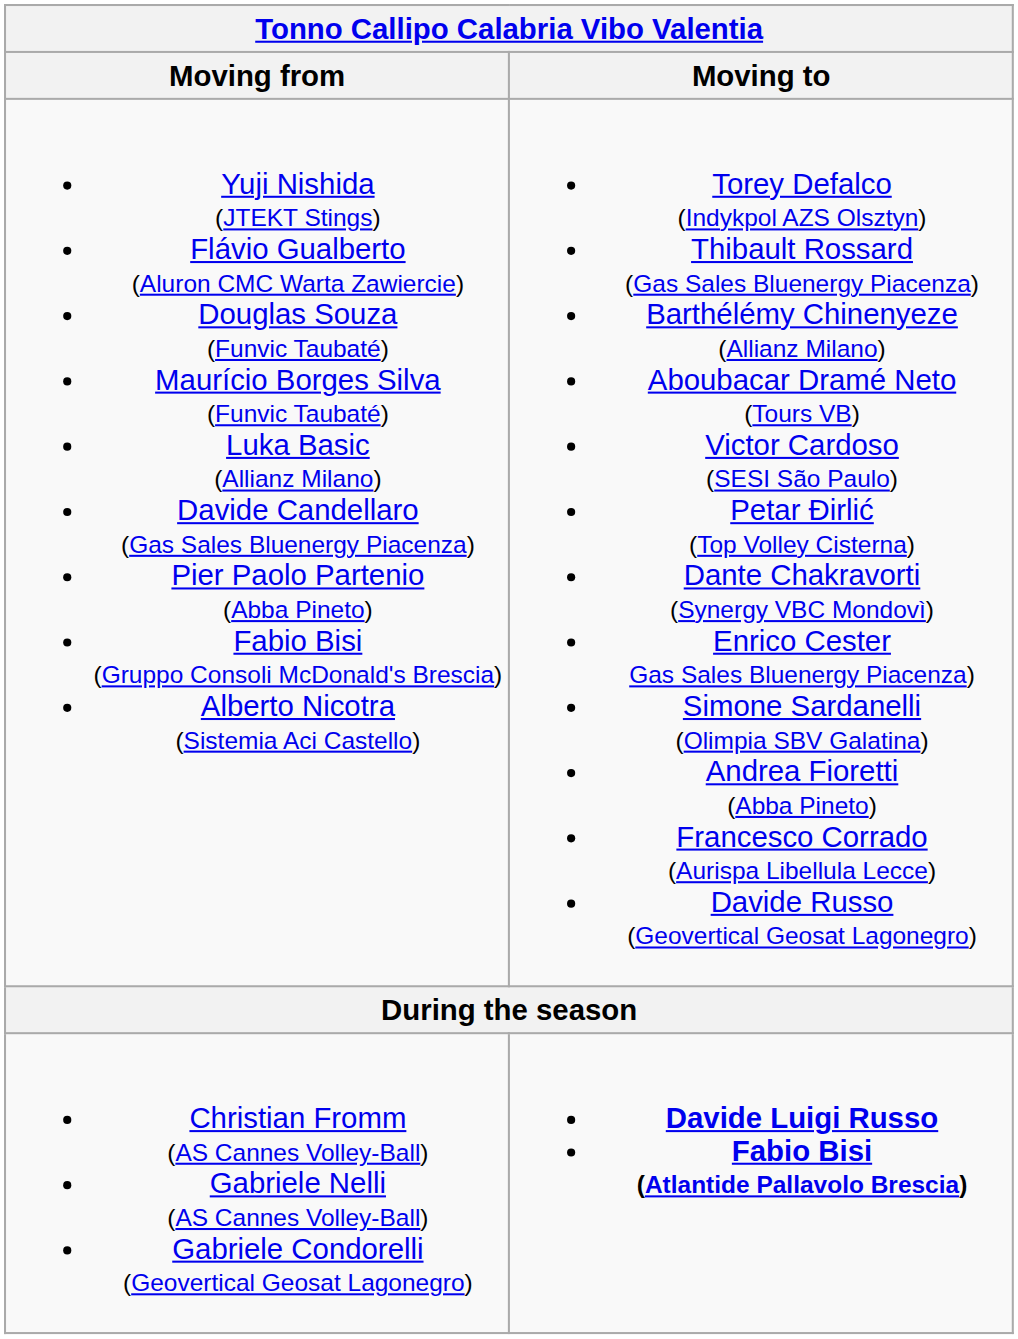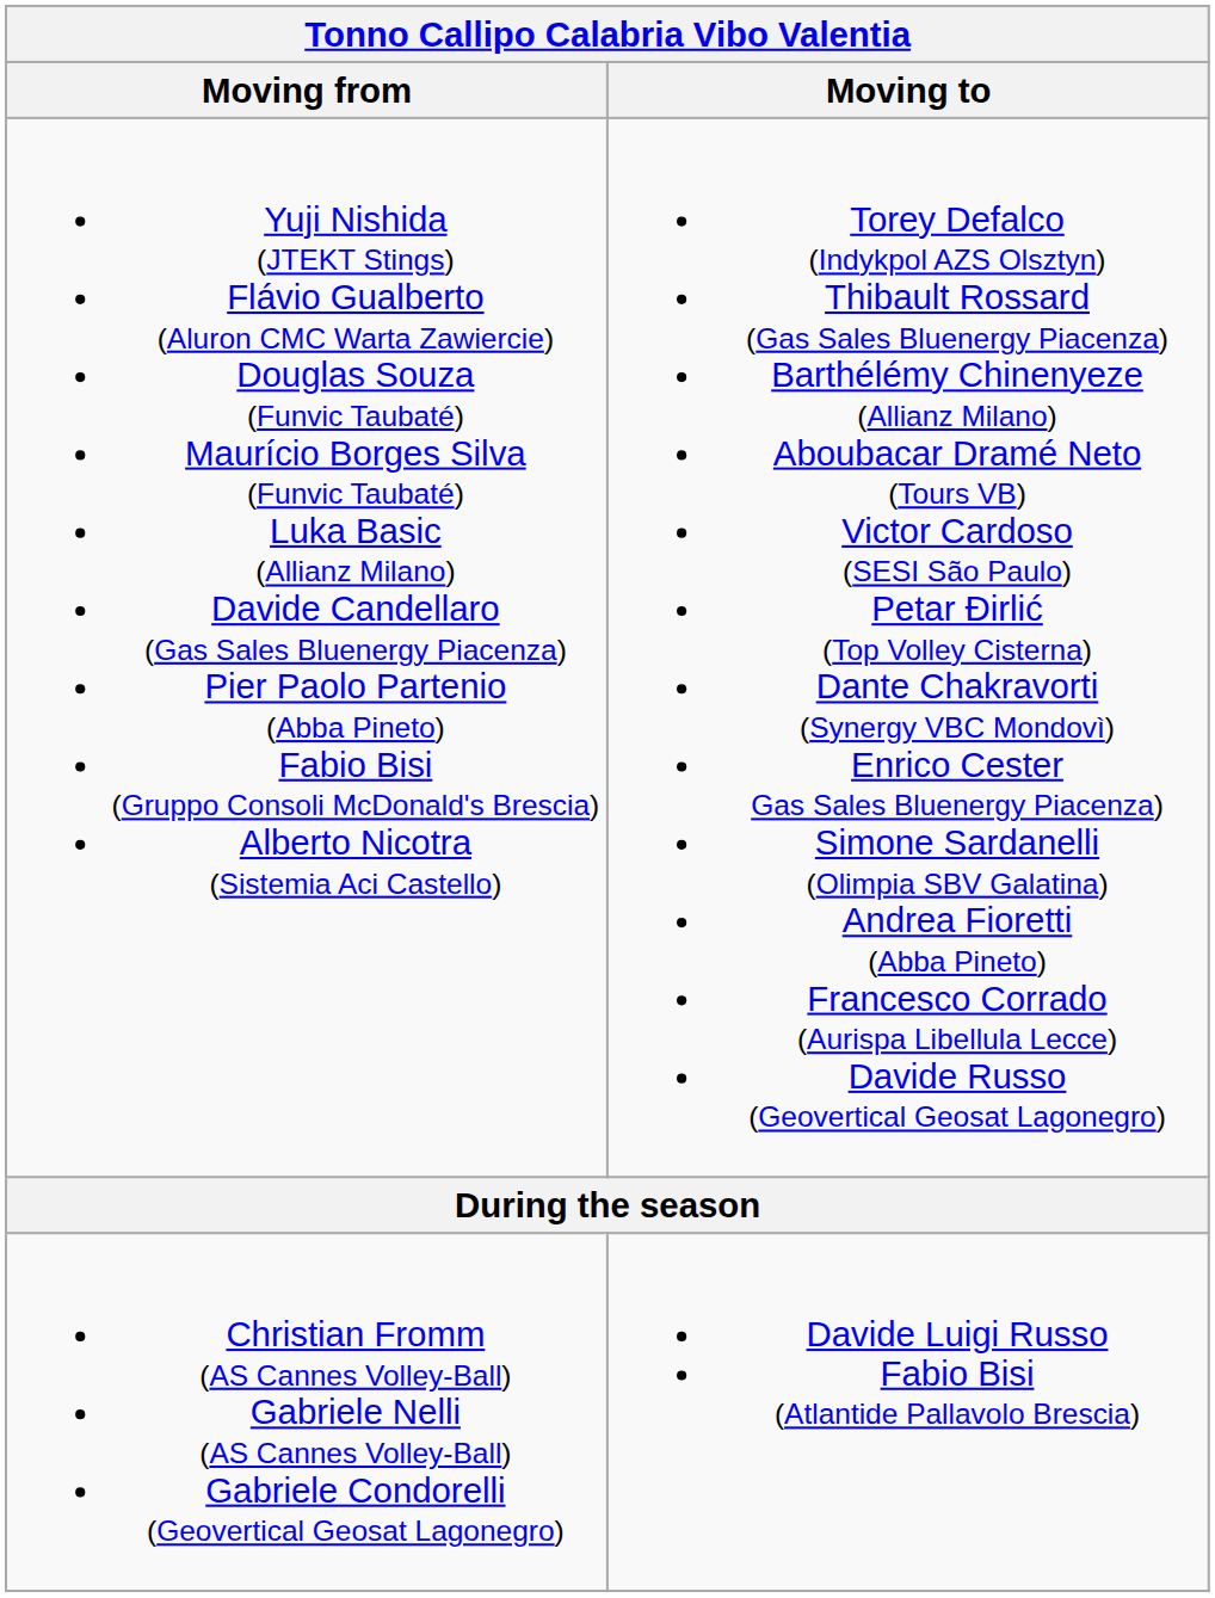 <table class="wikitable collapsible collapsed" style="font-size:90%; text-align:center">
 <tr>
 <th colspan=2 style="width:30em"><a href='#'>Tonno Callipo Calabria Vibo Valentia</a></th>
 </tr>
 <tr>
 <th width="50%">Moving from</th>
 <th width="50%">Moving to</th>
 </tr>
 <tr>
 <td valign=top><br><ul><li> <a href='#'>Yuji Nishida</a><br><small>(<a href='#'>JTEKT Stings</a>)</small></li><li> <a href='#'>Flávio Gualberto</a><br><small>(<a href='#'>Aluron CMC Warta Zawiercie</a>)</small></li><li> <a href='#'>Douglas Souza</a><br><small>(<a href='#'>Funvic Taubaté</a>)</small></li><li> <a href='#'>Maurício Borges Silva</a><br><small>(<a href='#'>Funvic Taubaté</a>)</small></li><li> <a href='#'>Luka Basic</a><br><small>(<a href='#'>Allianz Milano</a>)</small></li><li> <a href='#'>Davide Candellaro</a><br><small>(<a href='#'>Gas Sales Bluenergy Piacenza</a>)</small></li><li> <a href='#'>Pier Paolo Partenio</a><br><small>(<a href='#'>Abba Pineto</a>)</small></li><li> <a href='#'>Fabio Bisi</a><br><small>(<a href='#'>Gruppo Consoli McDonald's Brescia</a>)</small></li><li> <a href='#'>Alberto Nicotra</a><br><small>(<a href='#'>Sistemia Aci Castello</a>)</small></li></ul></td>
 <td valign=top><br><ul><li> <a href='#'>Torey Defalco</a><br><small>(<a href='#'>Indykpol AZS Olsztyn</a>)</small></li><li> <a href='#'>Thibault Rossard</a><br><small>(<a href='#'>Gas Sales Bluenergy Piacenza</a>)</small></li><li> <a href='#'>Barthélémy Chinenyeze</a><br><small>(<a href='#'>Allianz Milano</a>)</small></li><li> <a href='#'>Aboubacar Dramé Neto</a><br><small>(<a href='#'>Tours VB</a>)</small></li><li> <a href='#'>Victor Cardoso</a><br><small>(<a href='#'>SESI São Paulo</a>)</small></li><li> <a href='#'>Petar Đirlić</a><br><small>(<a href='#'>Top Volley Cisterna</a>)</small></li><li> <a href='#'>Dante Chakravorti</a><br><small>(<a href='#'>Synergy VBC Mondovì</a>)</small></li><li> <a href='#'>Enrico Cester</a><br><small><a href='#'>Gas Sales Bluenergy Piacenza</a>)</small></li><li> <a href='#'>Simone Sardanelli</a><br><small>(<a href='#'>Olimpia SBV Galatina</a>)</small></li><li> <a href='#'>Andrea Fioretti</a><br><small>(<a href='#'>Abba Pineto</a>)</small></li><li> <a href='#'>Francesco Corrado</a><br><small>(<a href='#'>Aurispa Libellula Lecce</a>)</small></li><li> <a href='#'>Davide Russo</a><br><small>(<a href='#'>Geovertical Geosat Lagonegro</a>)</small></li></ul></td>
 </tr>
 <tr>
 <th colspan=2>During the season</th>
 </tr>
 <tr>
 <td valign=top><br><ul><li> <a href='#'>Christian Fromm</a><br><small>(<a href='#'>AS Cannes Volley-Ball</a>)</small></li><li> <a href='#'>Gabriele Nelli</a><br><small>(<a href='#'>AS Cannes Volley-Ball</a>)</small></li><li> <a href='#'>Gabriele Condorelli</a><br><small>(<a href='#'>Geovertical Geosat Lagonegro</a>)</small></li></ul></td>
-<td valign=top><strong><br><ul><li> <a href='#'>Davide Luigi Russo</a></li><li> <a href='#'>Fabio Bisi</a><br><small>(<a href='#'>Atlantide Pallavolo Brescia</a>)</small></li></ul></strong></td>
+<td valign=top><br><ul><li> <a href='#'>Davide Luigi Russo</a></li><li> <a href='#'>Fabio Bisi</a><br><small>(<a href='#'>Atlantide Pallavolo Brescia</a>)</small></li></ul></td>
 </tr>
 </table>
